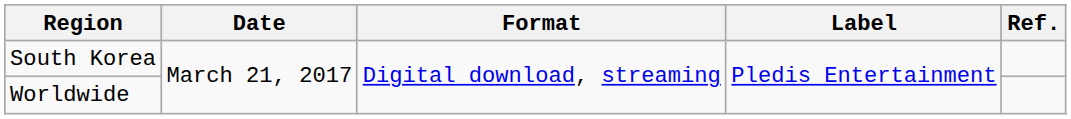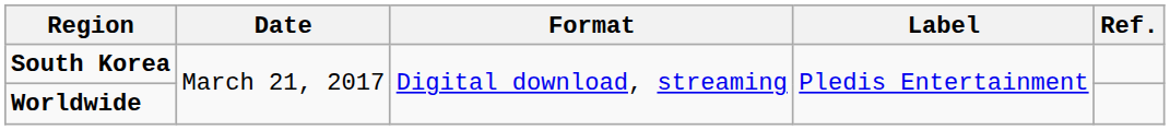 <table class="wikitable">
 <tr>
 <th>Region</th>
 <th>Date</th>
 <th>Format</th>
 <th>Label</th>
 <th>Ref.</th>
 </tr>
 <tr>
-<td>South Korea</td>
+<td><strong>South Korea</strong></td>
 <td rowspan="2">March 21, 2017</td>
 <td rowspan="2"><a href='#'>Digital download</a>, <a href='#'>streaming</a></td>
 <td rowspan="2"><a href='#'>Pledis Entertainment</a></td>
 <td align="center"></td>
 </tr>
 <tr>
-<td>Worldwide</td>
+<td><strong>Worldwide</strong></td>
 <td align="center"></td>
 </tr>
 </table>
